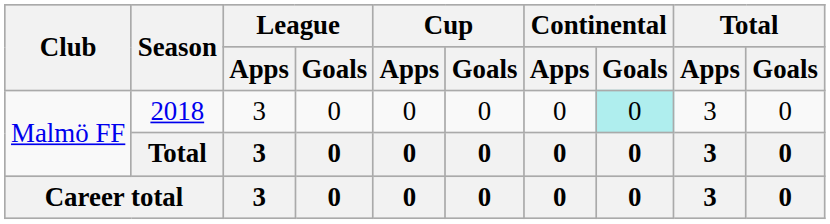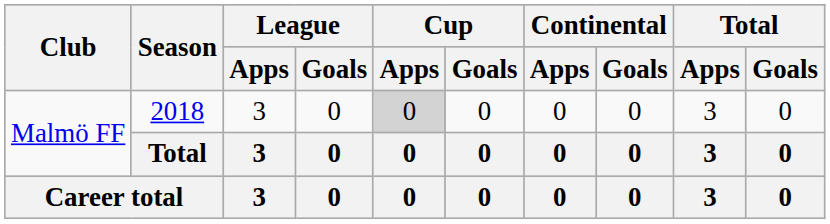 <table class="wikitable" style="text-align:center;">
 <tr>
 <th rowspan="2">Club</th>
 <th rowspan="2">Season</th>
 <th colspan="2">League</th>
 <th colspan="2">Cup</th>
 <th colspan="2">Continental</th>
 <th colspan="2">Total</th>
 </tr>
 <tr>
 <th>Apps</th>
 <th>Goals</th>
 <th>Apps</th>
 <th>Goals</th>
 <th>Apps</th>
 <th>Goals</th>
 <th>Apps</th>
 <th>Goals</th>
 </tr>
 <tr>
 <td rowspan="2"><a href='#'>Malmö FF</a></td>
 <td><a href='#'>2018</a></td>
 <td>3</td>
 <td>0</td>
+<td style="background: lightgrey;">0</td>
 <td>0</td>
 <td>0</td>
 <td>0</td>
-<td style="background: paleturquoise;">0</td>
 <td>3</td>
 <td>0</td>
 </tr>
 <tr>
 <th>Total</th>
 <th>3</th>
 <th>0</th>
 <th>0</th>
 <th>0</th>
 <th>0</th>
 <th>0</th>
 <th>3</th>
 <th>0</th>
 </tr>
 <tr>
 <th colspan="2">Career total</th>
 <th>3</th>
 <th>0</th>
 <th>0</th>
 <th>0</th>
 <th>0</th>
 <th>0</th>
 <th>3</th>
 <th>0</th>
 </tr>
 </table>
